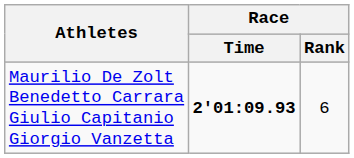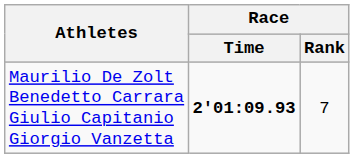 <table class="wikitable" border="1" style="font-size:90%">
 <tr>
 <th rowspan=2>Athletes</th>
 <th colspan=2>Race</th>
 </tr>
 <tr>
 <th>Time</th>
 <th>Rank</th>
 </tr>
 <tr>
 <td><a href='#'>Maurilio De Zolt</a><br><a href='#'>Benedetto Carrara</a><br><a href='#'>Giulio Capitanio</a><br><a href='#'>Giorgio Vanzetta</a></td>
 <td align=center><strong>2'01:09.93</strong></td>
-<td align=center>6</td>
+<td align=center>7</td>
 </tr>
 </table>
